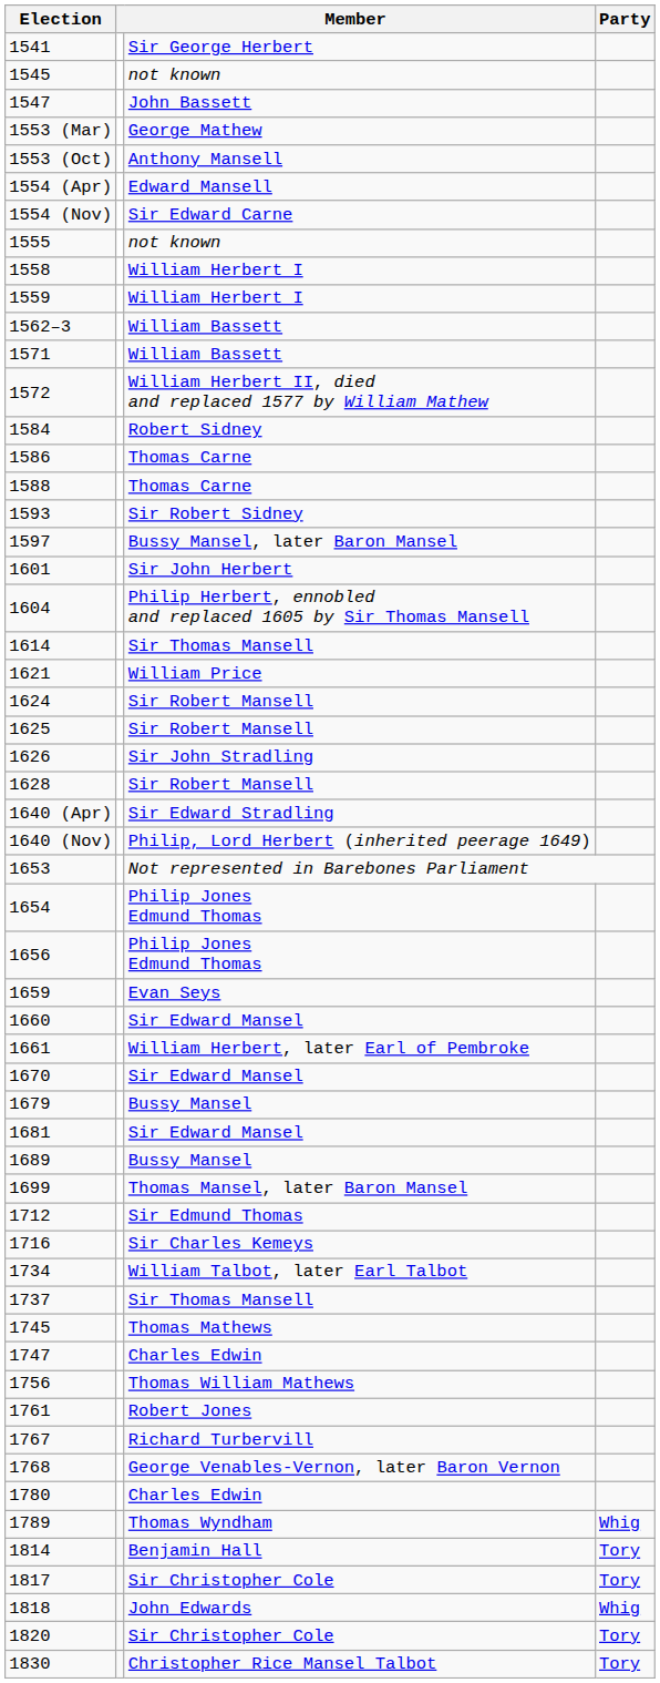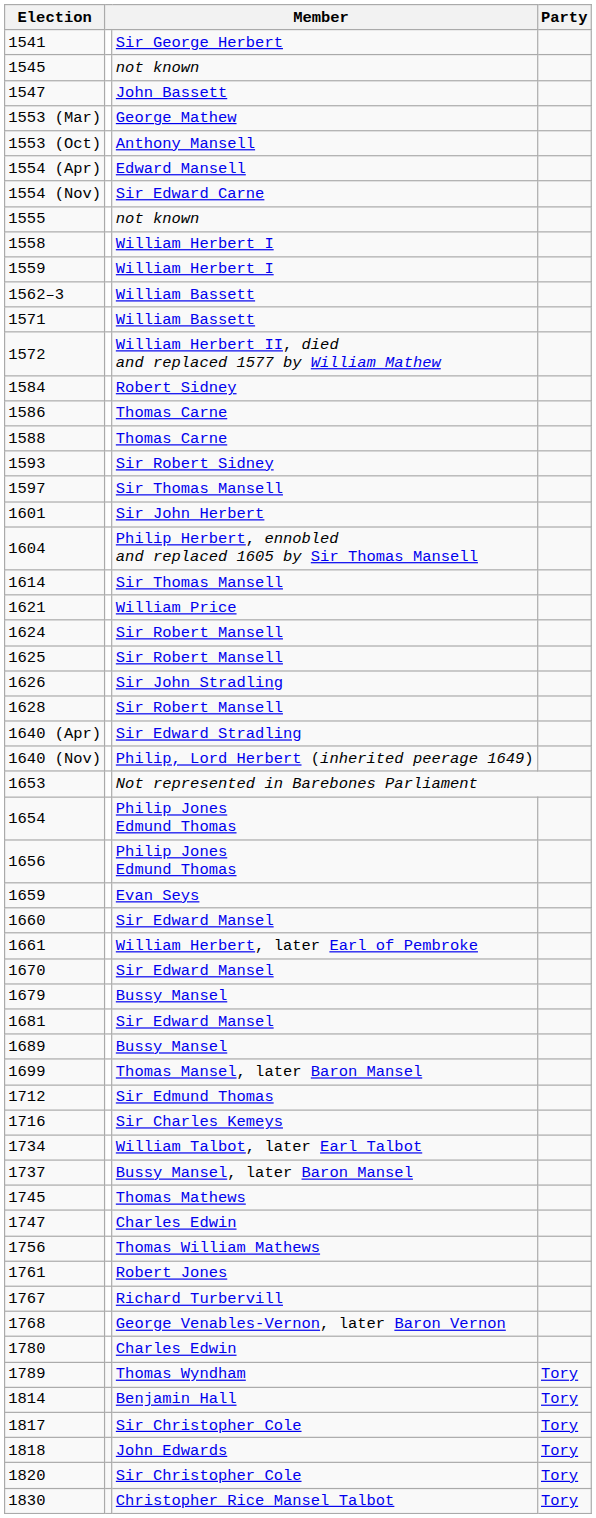 <table class="wikitable">
 <tr>
 <th>Election</th>
 <th colspan="2">Member</th>
 <th>Party</th>
 </tr>
 <tr>
 <td>1541</td>
 <td style="color:inherit;background-color:white"></td>
 <td><a href='#'>Sir George Herbert</a></td>
 <td></td>
 </tr>
 <tr>
 <td>1545</td>
 <td style="color:inherit;background-color:white"></td>
 <td><em>not known</em></td>
 <td></td>
 </tr>
 <tr>
 <td>1547</td>
 <td style="color:inherit;background-color:white"></td>
 <td><a href='#'>John Bassett</a></td>
 <td></td>
 </tr>
 <tr>
 <td>1553 (Mar)</td>
 <td style="color:inherit;background-color:white"></td>
 <td><a href='#'>George Mathew</a></td>
 <td></td>
 </tr>
 <tr>
 <td>1553 (Oct)</td>
 <td style="color:inherit;background-color:white"></td>
 <td><a href='#'>Anthony Mansell</a></td>
 <td></td>
 </tr>
 <tr>
 <td>1554 (Apr)</td>
 <td style="color:inherit;background-color:white"></td>
 <td><a href='#'>Edward Mansell</a></td>
 <td></td>
 </tr>
 <tr>
 <td>1554 (Nov)</td>
 <td style="color:inherit;background-color:white"></td>
 <td><a href='#'>Sir Edward Carne</a></td>
 <td></td>
 </tr>
 <tr>
 <td>1555</td>
 <td style="color:inherit;background-color:white"></td>
 <td><em>not known</em></td>
 <td></td>
 </tr>
 <tr>
 <td>1558</td>
 <td style="color:inherit;background-color:white"></td>
 <td><a href='#'>William Herbert I</a></td>
 <td></td>
 </tr>
 <tr>
 <td>1559</td>
 <td style="color:inherit;background-color:white"></td>
 <td><a href='#'>William Herbert I</a></td>
 <td></td>
 </tr>
 <tr>
 <td>1562–3</td>
 <td style="color:inherit;background-color:white"></td>
 <td><a href='#'>William Bassett</a></td>
 <td></td>
 </tr>
 <tr>
 <td>1571</td>
 <td style="color:inherit;background-color:white"></td>
 <td><a href='#'>William Bassett</a></td>
 <td></td>
 </tr>
 <tr>
 <td>1572</td>
 <td style="color:inherit;background-color:white"></td>
 <td><a href='#'>William Herbert II</a>, <em>died <br> and replaced 1577 by <a href='#'>William Mathew</a></em></td>
 <td></td>
 </tr>
 <tr>
 <td>1584</td>
 <td style="color:inherit;background-color:white"></td>
 <td><a href='#'>Robert Sidney</a></td>
 <td></td>
 </tr>
 <tr>
 <td>1586</td>
 <td style="color:inherit;background-color:white"></td>
 <td><a href='#'>Thomas Carne</a></td>
 <td></td>
 </tr>
 <tr>
 <td>1588</td>
 <td style="color:inherit;background-color:white"></td>
 <td><a href='#'>Thomas Carne</a></td>
 <td></td>
 </tr>
 <tr>
 <td>1593</td>
 <td style="color:inherit;background-color:white"></td>
 <td><a href='#'>Sir Robert Sidney</a></td>
 <td></td>
 </tr>
 <tr>
 <td>1597</td>
 <td style="color:inherit;background-color:white"></td>
-<td><a href='#'>Bussy Mansel</a>, later <a href='#'>Baron Mansel</a></td>
+<td><a href='#'>Sir Thomas Mansell</a></td>
 <td></td>
 </tr>
 <tr>
 <td>1601</td>
 <td style="color:inherit;background-color:white"></td>
 <td><a href='#'>Sir John Herbert</a></td>
 <td></td>
 </tr>
 <tr>
 <td>1604</td>
 <td style="color:inherit;background-color:white"></td>
 <td><a href='#'>Philip Herbert</a>, <em>ennobled <br> and replaced 1605 by</em>  <a href='#'>Sir Thomas Mansell</a></td>
 <td></td>
 </tr>
 <tr>
 <td>1614</td>
 <td style="color:inherit;background-color:white"></td>
 <td><a href='#'>Sir Thomas Mansell</a></td>
 <td></td>
 </tr>
 <tr>
 <td>1621</td>
 <td style="color:inherit;background-color:white"></td>
 <td><a href='#'>William Price</a></td>
 <td></td>
 </tr>
 <tr>
 <td>1624</td>
 <td style="color:inherit;background-color:white"></td>
 <td><a href='#'>Sir Robert Mansell</a></td>
 <td></td>
 </tr>
 <tr>
 <td>1625</td>
 <td style="color:inherit;background-color:white"></td>
 <td><a href='#'>Sir Robert Mansell</a></td>
 <td></td>
 </tr>
 <tr>
 <td>1626</td>
 <td style="color:inherit;background-color:white"></td>
 <td><a href='#'>Sir John Stradling</a></td>
 <td></td>
 </tr>
 <tr>
 <td>1628</td>
 <td style="color:inherit;background-color:white"></td>
 <td><a href='#'>Sir Robert Mansell</a></td>
 <td></td>
 </tr>
 <tr>
 <td>1640 (Apr)</td>
 <td style="color:inherit;background-color:white"></td>
 <td><a href='#'>Sir Edward Stradling</a></td>
 <td></td>
 </tr>
 <tr>
 <td>1640 (Nov)</td>
 <td style="color:inherit;background-color:white"></td>
 <td><a href='#'>Philip, Lord Herbert</a> (<em>inherited peerage 1649</em>)</td>
 <td></td>
 </tr>
 <tr>
 <td>1653</td>
 <td style="color:inherit;background-color:white"></td>
 <td colspan="2"><em>Not represented in Barebones Parliament</em></td>
 </tr>
 <tr>
 <td>1654</td>
 <td style="color:inherit;background-color:white"></td>
 <td><a href='#'>Philip Jones</a>  <br> <a href='#'>Edmund Thomas</a></td>
 <td></td>
 </tr>
 <tr>
 <td>1656</td>
 <td style="color:inherit;background-color:white"></td>
 <td><a href='#'>Philip Jones</a>  <br> <a href='#'>Edmund Thomas</a></td>
 <td></td>
 </tr>
 <tr>
 <td>1659</td>
 <td style="color:inherit;background-color:white"></td>
 <td><a href='#'>Evan Seys</a></td>
 <td></td>
 </tr>
 <tr>
 <td>1660</td>
 <td style="color:inherit;background-color:white"></td>
 <td><a href='#'>Sir Edward Mansel</a></td>
 <td></td>
 </tr>
 <tr>
 <td>1661</td>
 <td style="color:inherit;background-color:white"></td>
 <td><a href='#'>William Herbert</a>, later <a href='#'>Earl of Pembroke</a></td>
 <td></td>
 </tr>
 <tr>
 <td>1670</td>
 <td style="color:inherit;background-color:white"></td>
 <td><a href='#'>Sir Edward Mansel</a></td>
 <td></td>
 </tr>
 <tr>
 <td>1679</td>
 <td style="color:inherit;background-color:white"></td>
 <td><a href='#'>Bussy Mansel</a></td>
 <td></td>
 </tr>
 <tr>
 <td>1681</td>
 <td style="color:inherit;background-color:white"></td>
 <td><a href='#'>Sir Edward Mansel</a></td>
 <td></td>
 </tr>
 <tr>
 <td>1689</td>
 <td style="color:inherit;background-color:white"></td>
 <td><a href='#'>Bussy Mansel</a></td>
 <td></td>
 </tr>
 <tr>
 <td>1699</td>
 <td style="color:inherit;background-color:white"></td>
 <td><a href='#'>Thomas Mansel</a>, later <a href='#'>Baron Mansel</a></td>
 <td></td>
 </tr>
 <tr>
 <td>1712</td>
 <td style="color:inherit;background-color:white"></td>
 <td><a href='#'>Sir Edmund Thomas</a></td>
 <td></td>
 </tr>
 <tr>
 <td>1716</td>
 <td style="color:inherit;background-color:white"></td>
 <td><a href='#'>Sir Charles Kemeys</a></td>
 <td></td>
 </tr>
 <tr>
 <td>1734</td>
 <td style="color:inherit;background-color:white"></td>
 <td><a href='#'>William Talbot</a>, later <a href='#'>Earl Talbot</a></td>
 <td></td>
 </tr>
 <tr>
 <td>1737</td>
 <td style="color:inherit;background-color:white"></td>
-<td><a href='#'>Sir Thomas Mansell</a></td>
+<td><a href='#'>Bussy Mansel</a>, later <a href='#'>Baron Mansel</a></td>
 <td></td>
 </tr>
 <tr>
 <td>1745</td>
 <td style="color:inherit;background-color:white"></td>
 <td><a href='#'>Thomas Mathews</a></td>
 <td></td>
 </tr>
 <tr>
 <td>1747</td>
 <td style="color:inherit;background-color:white"></td>
 <td><a href='#'>Charles Edwin</a></td>
 <td></td>
 </tr>
 <tr>
 <td>1756</td>
 <td style="color:inherit;background-color:white"></td>
 <td><a href='#'>Thomas William Mathews</a></td>
 <td></td>
 </tr>
 <tr>
 <td>1761</td>
 <td style="color:inherit;background-color:white"></td>
 <td><a href='#'>Robert Jones</a></td>
 <td></td>
 </tr>
 <tr>
 <td>1767</td>
 <td style="color:inherit;background-color:white"></td>
 <td><a href='#'>Richard Turbervill</a></td>
 <td></td>
 </tr>
 <tr>
 <td>1768</td>
 <td style="color:inherit;background-color:white"></td>
 <td><a href='#'>George Venables-Vernon</a>, later <a href='#'>Baron Vernon</a></td>
 <td></td>
 </tr>
 <tr>
 <td>1780</td>
 <td style="color:inherit;background-color:white"></td>
 <td><a href='#'>Charles Edwin</a></td>
 <td></td>
 </tr>
 <tr>
 <td>1789</td>
 <td style="color:inherit;background-color:"></td>
 <td><a href='#'>Thomas Wyndham</a></td>
-<td><a href='#'>Whig</a></td>
+<td><a href='#'>Tory</a></td>
 </tr>
 <tr>
 <td>1814</td>
 <td style="color:inherit;background-color:"></td>
 <td><a href='#'>Benjamin Hall</a></td>
 <td><a href='#'>Tory</a></td>
 </tr>
 <tr>
 <td>1817</td>
 <td style="color:inherit;background-color:"></td>
 <td><a href='#'>Sir Christopher Cole</a></td>
 <td><a href='#'>Tory</a></td>
 </tr>
 <tr>
 <td>1818</td>
 <td style="color:inherit;background-color:"></td>
 <td><a href='#'>John Edwards</a></td>
-<td><a href='#'>Whig</a></td>
+<td><a href='#'>Tory</a></td>
 </tr>
 <tr>
 <td>1820</td>
 <td style="color:inherit;background-color:"></td>
 <td><a href='#'>Sir Christopher Cole</a></td>
 <td><a href='#'>Tory</a></td>
 </tr>
 <tr>
 <td>1830</td>
 <td style="color:inherit;background-color:"></td>
 <td><a href='#'>Christopher Rice Mansel Talbot</a></td>
 <td><a href='#'>Tory</a></td>
 </tr>
 </table>
